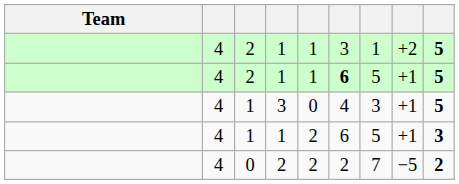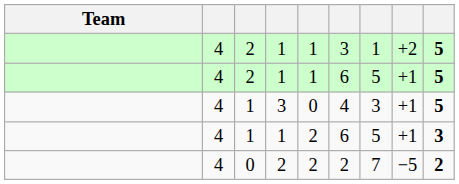 <table class="wikitable" style="text-align:center">
 <tr>
 <th width=165>Team</th>
 <th width=20></th>
 <th width=20></th>
 <th width=20></th>
 <th width=20></th>
 <th width=20></th>
 <th width=20></th>
 <th width=20></th>
 <th width=20></th>
 </tr>
 <tr style="background:#cfc;">
 <td align=left></td>
 <td>4</td>
 <td>2</td>
 <td>1</td>
 <td>1</td>
 <td>3</td>
 <td>1</td>
 <td>+2</td>
 <td><strong>5</strong></td>
 </tr>
 <tr style="background:#cfc;">
 <td align=left></td>
 <td>4</td>
 <td>2</td>
 <td>1</td>
 <td>1</td>
-<td><strong>6</strong></td>
+<td>6</td>
 <td>5</td>
 <td>+1</td>
 <td><strong>5</strong></td>
 </tr>
 <tr>
 <td align=left></td>
 <td>4</td>
 <td>1</td>
 <td>3</td>
 <td>0</td>
 <td>4</td>
 <td>3</td>
 <td>+1</td>
 <td><strong>5</strong></td>
 </tr>
 <tr>
 <td align=left></td>
 <td>4</td>
 <td>1</td>
 <td>1</td>
 <td>2</td>
 <td>6</td>
 <td>5</td>
 <td>+1</td>
 <td><strong>3</strong></td>
 </tr>
 <tr>
 <td align=left></td>
 <td>4</td>
 <td>0</td>
 <td>2</td>
 <td>2</td>
 <td>2</td>
 <td>7</td>
 <td>−5</td>
 <td><strong>2</strong></td>
 </tr>
 </table>
